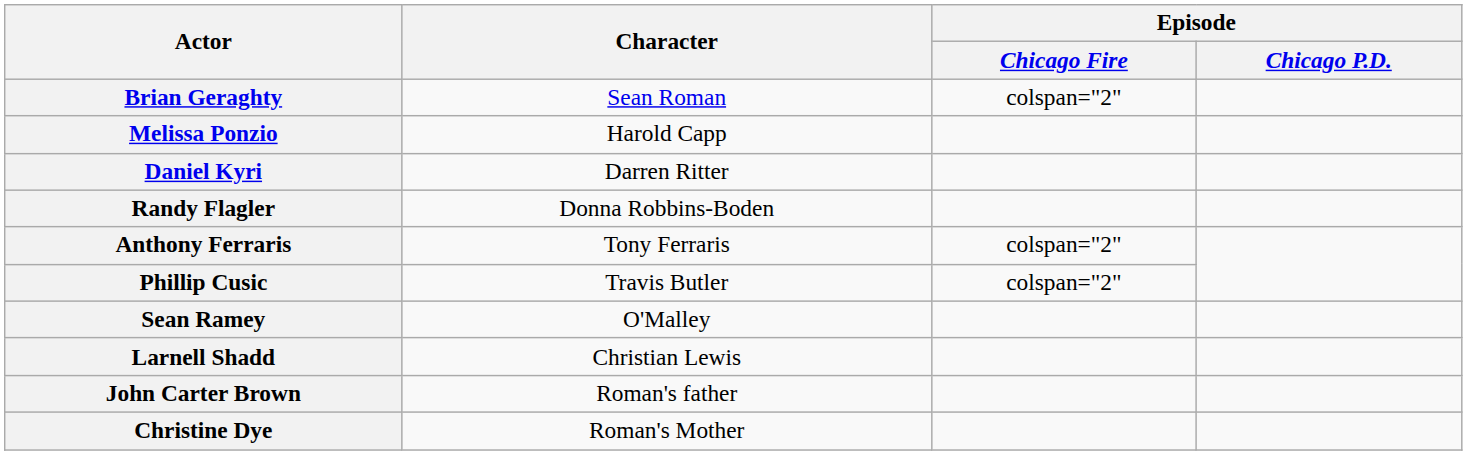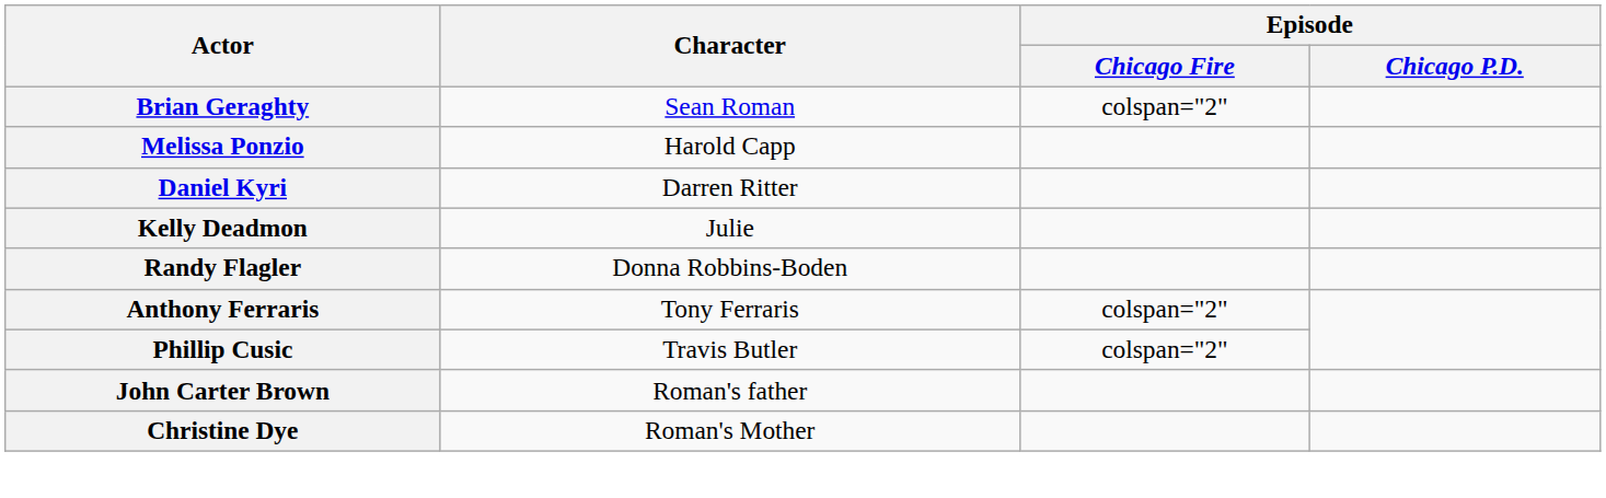 <table class="wikitable" style="width:79%; text-align:center;">
 <tr>
 <th scope="col" rowspan="2" width=15%>Actor</th>
 <th scope="col" rowspan="2" width=20%>Character</th>
 <th scope="col" colspan="2">Episode</th>
 </tr>
 <tr>
 <th scope="col" width=10%><em><a href='#'>Chicago Fire</a></em></th>
 <th scope="col" width=10%><em><a href='#'>Chicago P.D.</a></em></th>
 </tr>
 <tr>
 <th scope="row"><a href='#'>Brian Geraghty</a></th>
 <td><a href='#'>Sean Roman</a></td>
 <td>colspan="2" </td>
 </tr>
 <tr>
 <th scope="row"><a href='#'>Melissa Ponzio</a></th>
 <td>Harold Capp</td>
 <td></td>
 <td></td>
 </tr>
 <tr>
 <th scope="row"><a href='#'>Daniel Kyri</a></th>
 <td>Darren Ritter</td>
 <td></td>
 <td></td>
 </tr>
 <tr>
+<th scope="row">Kelly Deadmon</th>
+<td>Julie</td>
+<td></td>
+<td></td>
+</tr>
+<tr>
 <th scope="row">Randy Flagler</th>
 <td>Donna Robbins-Boden</td>
 <td></td>
 <td></td>
 </tr>
 <tr>
 <th scope="row">Anthony Ferraris</th>
 <td>Tony Ferraris</td>
 <td>colspan="2" </td>
 </tr>
 <tr>
 <th scope="row">Phillip Cusic</th>
 <td>Travis Butler</td>
 <td>colspan="2" </td>
 </tr>
 <tr>
-<th scope="row">Sean Ramey</th>
-<td>O'Malley</td>
-<td></td>
-<td></td>
-</tr>
-<tr>
-<th scope="row">Larnell Shadd</th>
-<td>Christian Lewis</td>
-<td></td>
-<td></td>
-</tr>
-<tr>
 <th scope="row">John Carter Brown</th>
 <td>Roman's father</td>
 <td></td>
 <td></td>
 </tr>
 <tr>
 <th scope="row">Christine Dye</th>
 <td>Roman's Mother</td>
 <td></td>
 <td></td>
 </tr>
 </table>
